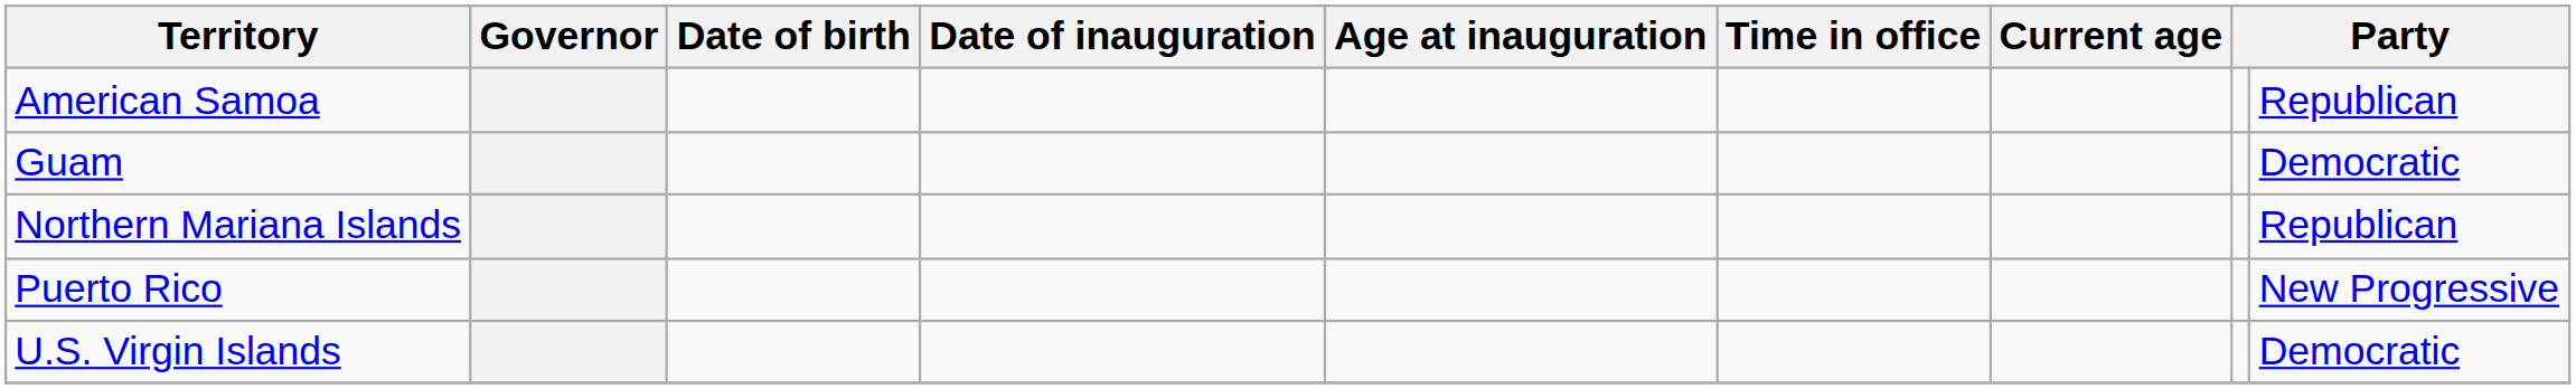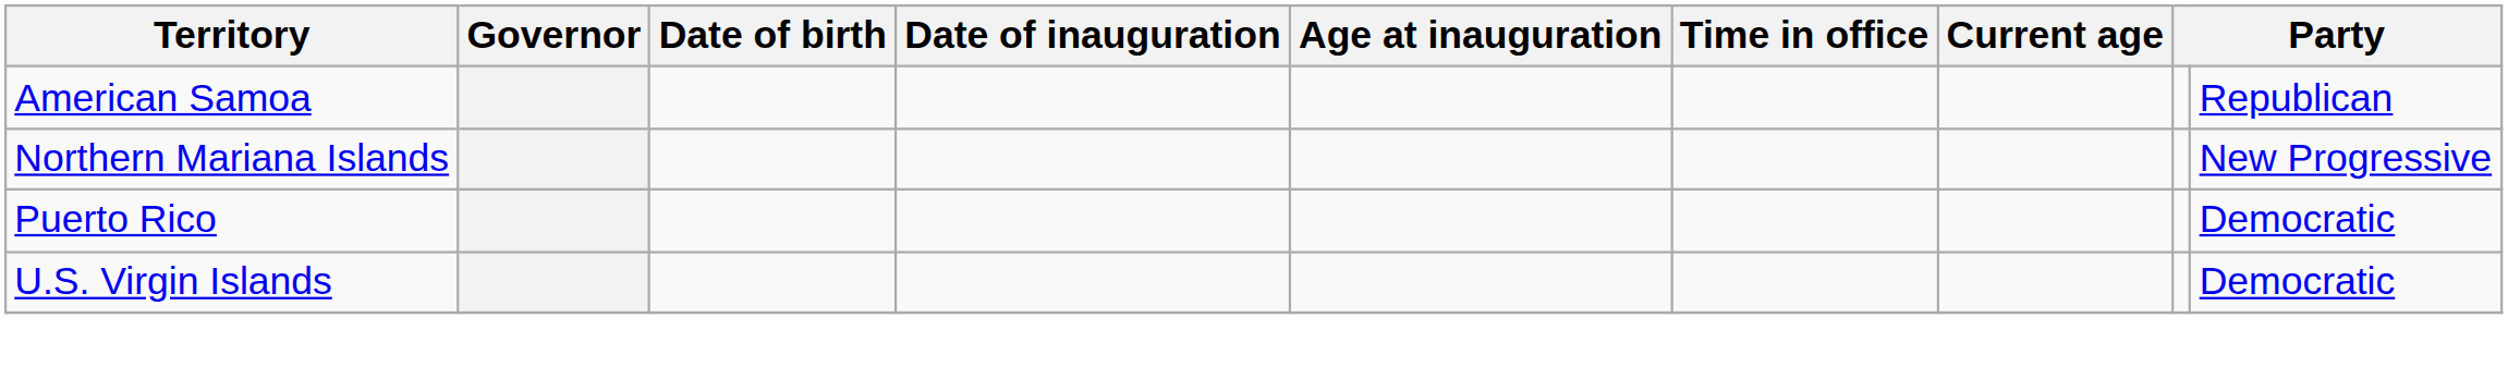 <table class="wikitable sortable plainrowheaders">
 <tr>
 <th scope="col">Territory</th>
 <th scope="col">Governor</th>
 <th scope="col">Date of birth</th>
 <th scope="col">Date of inauguration</th>
 <th scope="col">Age at inauguration</th>
 <th scope="col">Time in office</th>
 <th scope="col">Current age</th>
 <th scope="col" colspan="2">Party</th>
 </tr>
 <tr>
 <td><a href='#'>American Samoa</a></td>
 <th scope="row"></th>
 <td></td>
 <td></td>
 <td></td>
 <td></td>
 <td></td>
 <td style="background-color:"></td>
 <td><a href='#'>Republican</a></td>
 </tr>
 <tr>
-<td><a href='#'>Guam</a></td>
-<th scope="row"></th>
-<td></td>
-<td></td>
-<td></td>
-<td></td>
-<td></td>
-<td style="background-color:"></td>
-<td><a href='#'>Democratic</a></td>
-</tr>
-<tr>
 <td><a href='#'>Northern Mariana Islands</a></td>
 <th scope="row"></th>
 <td></td>
 <td></td>
 <td></td>
 <td></td>
 <td></td>
 <td style="background-color:"></td>
-<td><a href='#'>Republican</a></td>
+<td><a href='#'>New Progressive</a></td>
 </tr>
 <tr>
 <td><a href='#'>Puerto Rico</a></td>
 <th scope="row"></th>
 <td></td>
 <td></td>
 <td></td>
 <td></td>
 <td></td>
 <td style="background-color:"></td>
-<td><a href='#'>New Progressive</a></td>
+<td><a href='#'>Democratic</a></td>
 </tr>
 <tr>
 <td><a href='#'>U.S. Virgin Islands</a></td>
 <th scope="row"></th>
 <td></td>
 <td></td>
 <td></td>
 <td></td>
 <td></td>
 <td style="background-color:"></td>
 <td><a href='#'>Democratic</a></td>
 </tr>
 <tr>
 </tr>
 </table>
